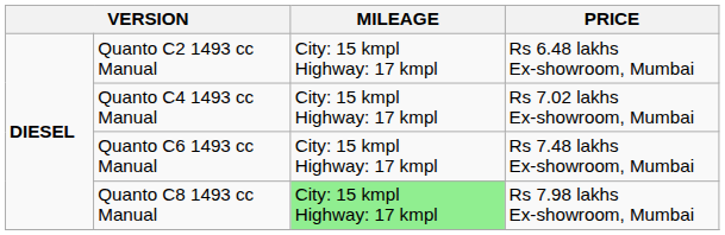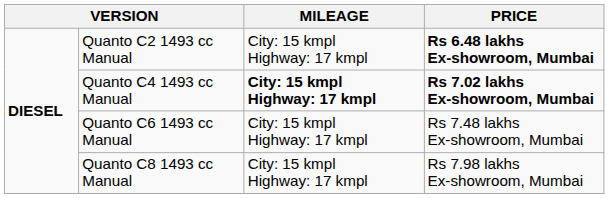 <table class="wikitable" style="width: 50%;">
 <tr>
 <th scope="col" style="width: 40%;" COLSPAN ="2">VERSION</th>
 <th scope="col" style="width: 30%;">MILEAGE</th>
 <th scope="col">PRICE</th>
 </tr>
 <tr --->
 <td rowspan="4"><strong>DIESEL</strong></td>
 <td>Quanto C2 1493 cc <br>Manual</td>
 <td>City: 15 kmpl <br>Highway: 17 kmpl</td>
-<td>Rs 6.48 lakhs <br>Ex-showroom, Mumbai</td>
+<td><strong>Rs 6.48 lakhs <br>Ex-showroom, Mumbai</strong></td>
 </tr>
 <tr --->
 <td>Quanto C4 1493 cc <br>Manual</td>
-<td>City: 15 kmpl <br>Highway: 17 kmpl</td>
-<td>Rs 7.02 lakhs <br>Ex-showroom, Mumbai</td>
+<td><strong>City: 15 kmpl <br>Highway: 17 kmpl</strong></td>
+<td><strong>Rs 7.02 lakhs <br>Ex-showroom, Mumbai</strong></td>
 </tr>
 <tr --->
 <td>Quanto C6 1493 cc <br>Manual</td>
 <td>City: 15 kmpl <br>Highway: 17 kmpl</td>
 <td>Rs 7.48 lakhs <br>Ex-showroom, Mumbai</td>
 </tr>
 <tr --->
 <td>Quanto C8 1493 cc <br>Manual</td>
-<td style="background: lightgreen;">City: 15 kmpl <br>Highway: 17 kmpl</td>
+<td>City: 15 kmpl <br>Highway: 17 kmpl</td>
 <td>Rs 7.98 lakhs <br>Ex-showroom, Mumbai</td>
 </tr>
 <tr --->
 </tr>
 </table>
